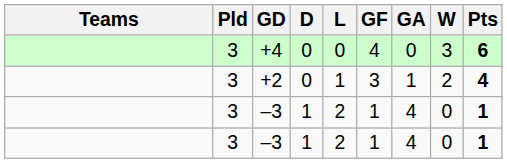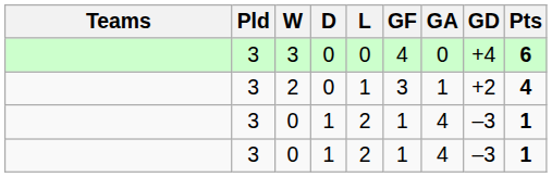 <table class="wikitable" style="text-align: center;">
 <tr>
 <th width=165>Teams</th>
 <th width=20>Pld</th>
-<th width=20>GD</th>
+<th width=20>W</th>
 <th width=20>D</th>
 <th width=20>L</th>
 <th width=20>GF</th>
 <th width=20>GA</th>
-<th width=20>W</th>
+<th width=20>GD</th>
 <th width=20>Pts</th>
 </tr>
 <tr align=center style="background:#ccffcc;">
 <td style="text-align:left;"></td>
 <td>3</td>
-<td>+4</td>
+<td>3</td>
 <td>0</td>
 <td>0</td>
 <td>4</td>
 <td>0</td>
-<td>3</td>
+<td>+4</td>
 <td><strong>6</strong></td>
 </tr>
 <tr align=center>
 <td style="text-align:left;"></td>
 <td>3</td>
-<td>+2</td>
+<td>2</td>
 <td>0</td>
 <td>1</td>
 <td>3</td>
 <td>1</td>
-<td>2</td>
+<td>+2</td>
 <td><strong>4</strong></td>
 </tr>
 <tr align=center>
 <td style="text-align:left;"></td>
 <td>3</td>
-<td>–3</td>
+<td>0</td>
 <td>1</td>
 <td>2</td>
 <td>1</td>
 <td>4</td>
-<td>0</td>
+<td>–3</td>
 <td><strong>1</strong></td>
 </tr>
 <tr align=center>
 <td style="text-align:left;"></td>
 <td>3</td>
-<td>–3</td>
+<td>0</td>
 <td>1</td>
 <td>2</td>
 <td>1</td>
 <td>4</td>
-<td>0</td>
+<td>–3</td>
 <td><strong>1</strong></td>
 </tr>
 </table>
